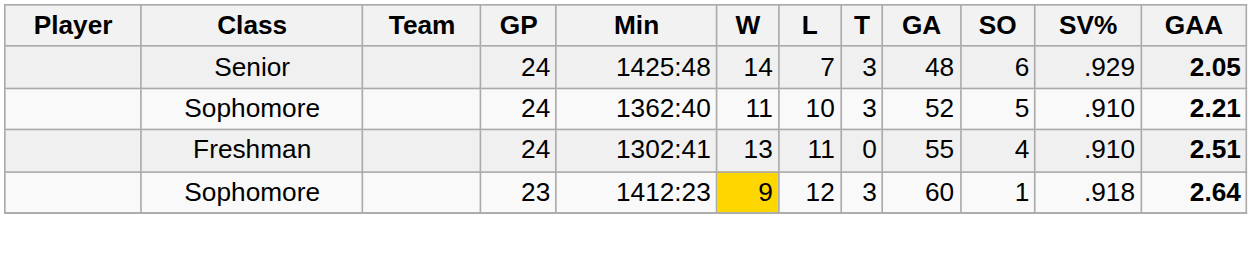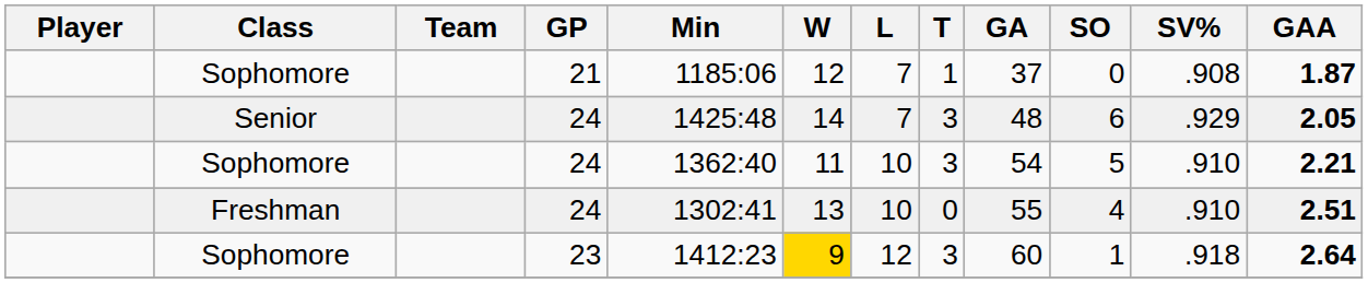 <table class="wikitable sortable" style="text-align: center; "width=60%">
 <tr>
 <th>Player</th>
 <th>Class</th>
 <th>Team</th>
 <th>GP</th>
 <th>Min</th>
 <th>W</th>
 <th>L</th>
 <th>T</th>
 <th>GA</th>
 <th>SO</th>
 <th>SV%</th>
 <th>GAA</th>
+</tr>
+<tr>
+<td align=left></td>
+<td>Sophomore</td>
+<td><strong><a href='#'></a></strong></td>
+<td align=right>21</td>
+<td align=right>1185:06</td>
+<td align=right>12</td>
+<td align=right>7</td>
+<td align=right>1</td>
+<td align=right>37</td>
+<td align=right>0</td>
+<td align=right>.908</td>
+<td align=right><strong>1.87</strong></td>
 </tr>
 <tr bgcolor=f0f0f0>
 <td align=left></td>
 <td>Senior</td>
 <td><strong><a href='#'></a></strong></td>
 <td align=right>24</td>
 <td align=right>1425:48</td>
 <td align=right>14</td>
 <td align=right>7</td>
 <td align=right>3</td>
 <td align=right>48</td>
 <td align=right>6</td>
 <td align=right>.929</td>
 <td align=right><strong>2.05</strong></td>
 </tr>
 <tr>
 <td align=left></td>
 <td>Sophomore</td>
 <td><strong><a href='#'></a></strong></td>
 <td align=right>24</td>
 <td align=right>1362:40</td>
 <td align=right>11</td>
 <td align=right>10</td>
 <td align=right>3</td>
-<td align=right>52</td>
+<td align=right>54</td>
 <td align=right>5</td>
 <td align=right>.910</td>
 <td align=right><strong>2.21</strong></td>
 </tr>
 <tr bgcolor=f0f0f0>
 <td align=left></td>
 <td>Freshman</td>
 <td><strong><a href='#'></a></strong></td>
 <td align=right>24</td>
 <td align=right>1302:41</td>
 <td align=right>13</td>
-<td align=right>11</td>
+<td align=right>10</td>
 <td align=right>0</td>
 <td align=right>55</td>
 <td align=right>4</td>
 <td align=right>.910</td>
 <td align=right><strong>2.51</strong></td>
 </tr>
 <tr>
 <td align=left></td>
 <td>Sophomore</td>
 <td><strong><a href='#'></a></strong></td>
 <td align=right>23</td>
 <td align=right>1412:23</td>
 <td align=right style="background: gold;">9</td>
 <td align=right>12</td>
 <td align=right>3</td>
 <td align=right>60</td>
 <td align=right>1</td>
 <td align=right>.918</td>
 <td align=right><strong>2.64</strong></td>
 </tr>
 <tr>
 </tr>
 </table>
